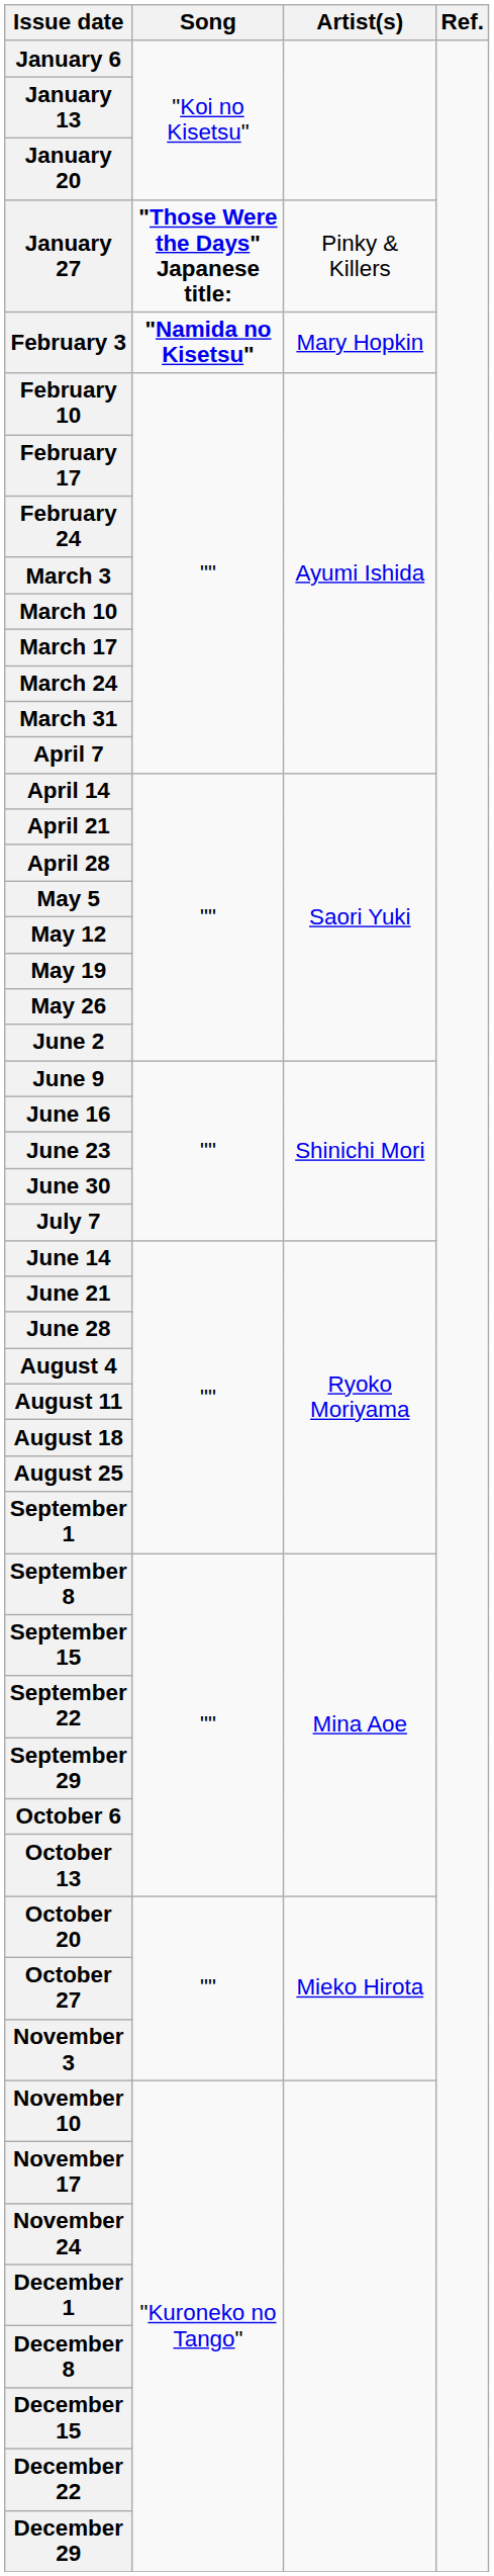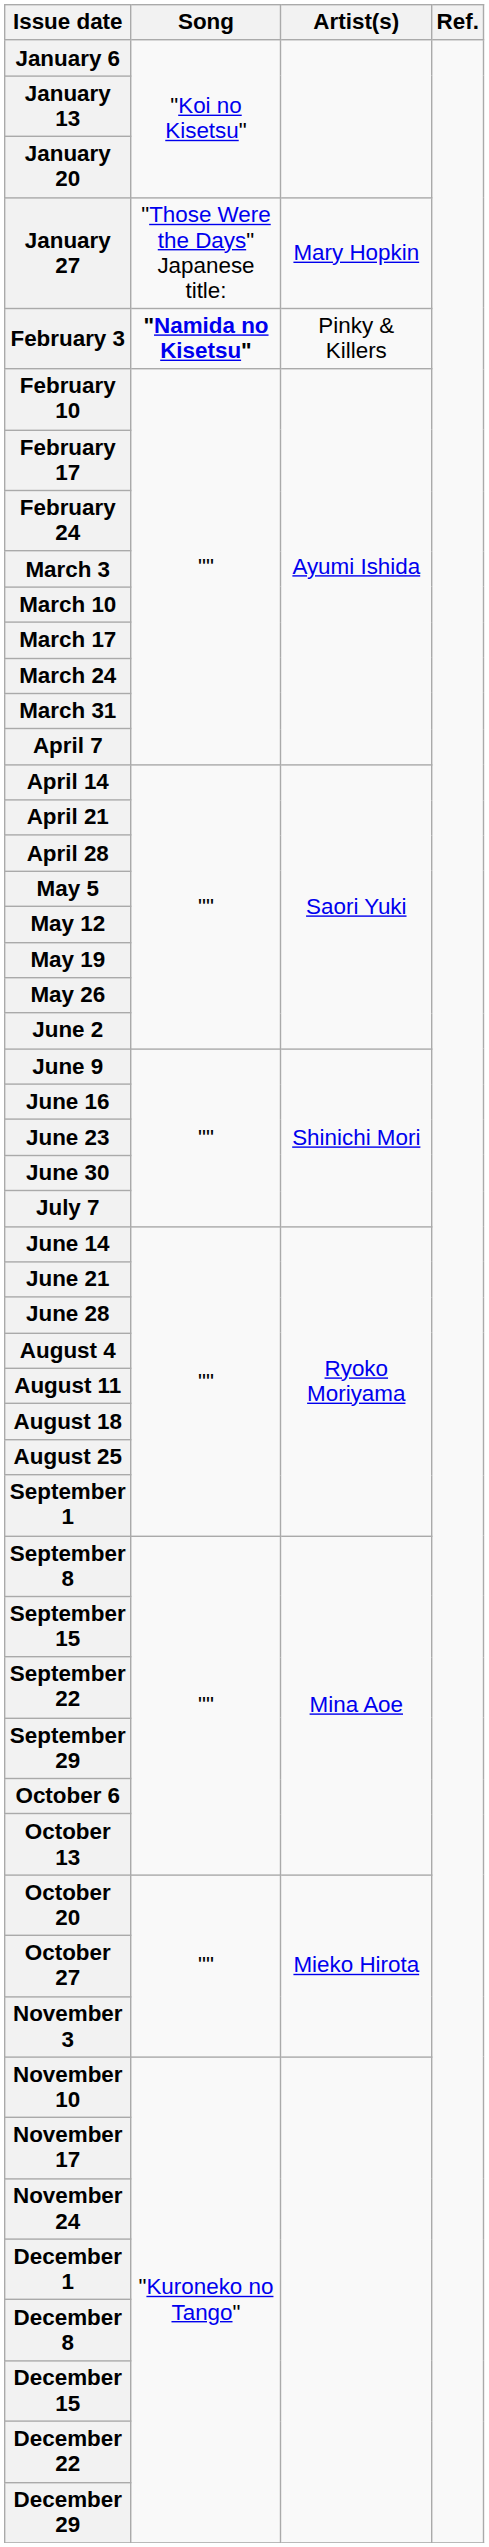 <table class="wikitable plainrowheaders" style="text-align: center">
 <tr>
 <th width="80">Issue date</th>
 <th width="100">Song</th>
 <th width="100">Artist(s)</th>
 <th width="20">Ref.</th>
 </tr>
 <tr>
 <th scope="row">January 6</th>
 <td rowspan="3">"<a href='#'>Koi no Kisetsu</a>"</td>
 <td rowspan="3"></td>
 <td rowspan="53"></td>
 </tr>
 <tr>
 <th scope="row">January 13</th>
 </tr>
 <tr>
 <th scope="row">January 20</th>
 </tr>
 <tr>
 <th scope="row">January 27</th>
-<td rowspan="1"><strong>"<a href='#'>Those Were the Days</a>" <br> Japanese title: </strong></td>
-<td rowspan="1">Pinky & Killers</td>
+<td rowspan="1">"<a href='#'>Those Were the Days</a>" <br> Japanese title: </td>
+<td rowspan="1"><a href='#'>Mary Hopkin</a></td>
 </tr>
 <tr>
 <th scope="row">February 3</th>
 <td rowspan="1"><strong>"<a href='#'>Namida no Kisetsu</a>"</strong></td>
-<td rowspan="1"><a href='#'>Mary Hopkin</a></td>
+<td rowspan="1">Pinky & Killers</td>
 </tr>
 <tr>
 <th scope="row">February 10</th>
 <td rowspan="9">""</td>
 <td rowspan="9"><a href='#'>Ayumi Ishida</a></td>
 </tr>
 <tr>
 <th scope="row">February 17</th>
 </tr>
 <tr>
 <th scope="row">February 24</th>
 </tr>
 <tr>
 <th scope="row">March 3</th>
 </tr>
 <tr>
 <th scope="row">March 10</th>
 </tr>
 <tr>
 <th scope="row">March 17</th>
 </tr>
 <tr>
 <th scope="row">March 24</th>
 </tr>
 <tr>
 <th scope="row">March 31</th>
 </tr>
 <tr>
 <th scope="row">April 7</th>
 </tr>
 <tr>
 <th scope="row">April 14</th>
 <td rowspan="8">""</td>
 <td rowspan="8"><a href='#'>Saori Yuki</a></td>
 </tr>
 <tr>
 <th scope="row">April 21</th>
 </tr>
 <tr>
 <th scope="row">April 28</th>
 </tr>
 <tr>
 <th scope="row">May 5</th>
 </tr>
 <tr>
 <th scope="row">May 12</th>
 </tr>
 <tr>
 <th scope="row">May 19</th>
 </tr>
 <tr>
 <th scope="row">May 26</th>
 </tr>
 <tr>
 <th scope="row">June 2</th>
 </tr>
 <tr>
 <th scope="row">June 9</th>
 <td rowspan="5">""</td>
 <td rowspan="5"><a href='#'>Shinichi Mori</a></td>
 </tr>
 <tr>
 <th scope="row">June 16</th>
 </tr>
 <tr>
 <th scope="row">June 23</th>
 </tr>
 <tr>
 <th scope="row">June 30</th>
 </tr>
 <tr>
 <th scope="row">July 7</th>
 </tr>
 <tr>
 <th scope="row">June 14</th>
 <td rowspan="8">""</td>
 <td rowspan="8"><a href='#'>Ryoko Moriyama</a></td>
 </tr>
 <tr>
 <th scope="row">June 21</th>
 </tr>
 <tr>
 <th scope="row">June 28</th>
 </tr>
 <tr>
 <th scope="row">August 4</th>
 </tr>
 <tr>
 <th scope="row">August 11</th>
 </tr>
 <tr>
 <th scope="row">August 18</th>
 </tr>
 <tr>
 <th scope="row">August 25</th>
 </tr>
 <tr>
 <th scope="row">September 1</th>
 </tr>
 <tr>
 <th scope="row">September 8</th>
 <td rowspan="6">""</td>
 <td rowspan="6"><a href='#'>Mina Aoe</a></td>
 </tr>
 <tr>
 <th scope="row">September 15</th>
 </tr>
 <tr>
 <th scope="row">September 22</th>
 </tr>
 <tr>
 <th scope="row">September 29</th>
 </tr>
 <tr>
 <th scope="row">October 6</th>
 </tr>
 <tr>
 <th scope="row">October 13</th>
 </tr>
 <tr>
 <th scope="row">October 20</th>
 <td rowspan="3">""</td>
 <td rowspan="3"><a href='#'>Mieko Hirota</a></td>
 </tr>
 <tr>
 <th scope="row">October 27</th>
 </tr>
 <tr>
 <th scope="row">November 3</th>
 </tr>
 <tr>
 <th scope="row">November 10</th>
 <td rowspan="8">"<a href='#'>Kuroneko no Tango</a>"</td>
 <td rowspan="8"></td>
 </tr>
 <tr>
 <th scope="row">November 17</th>
 </tr>
 <tr>
 <th scope="row">November 24</th>
 </tr>
 <tr>
 <th scope="row">December 1</th>
 </tr>
 <tr>
 <th scope="row">December 8</th>
 </tr>
 <tr>
 <th scope="row">December 15</th>
 </tr>
 <tr>
 <th scope="row">December 22</th>
 </tr>
 <tr>
 <th scope="row">December 29</th>
 </tr>
 </table>
